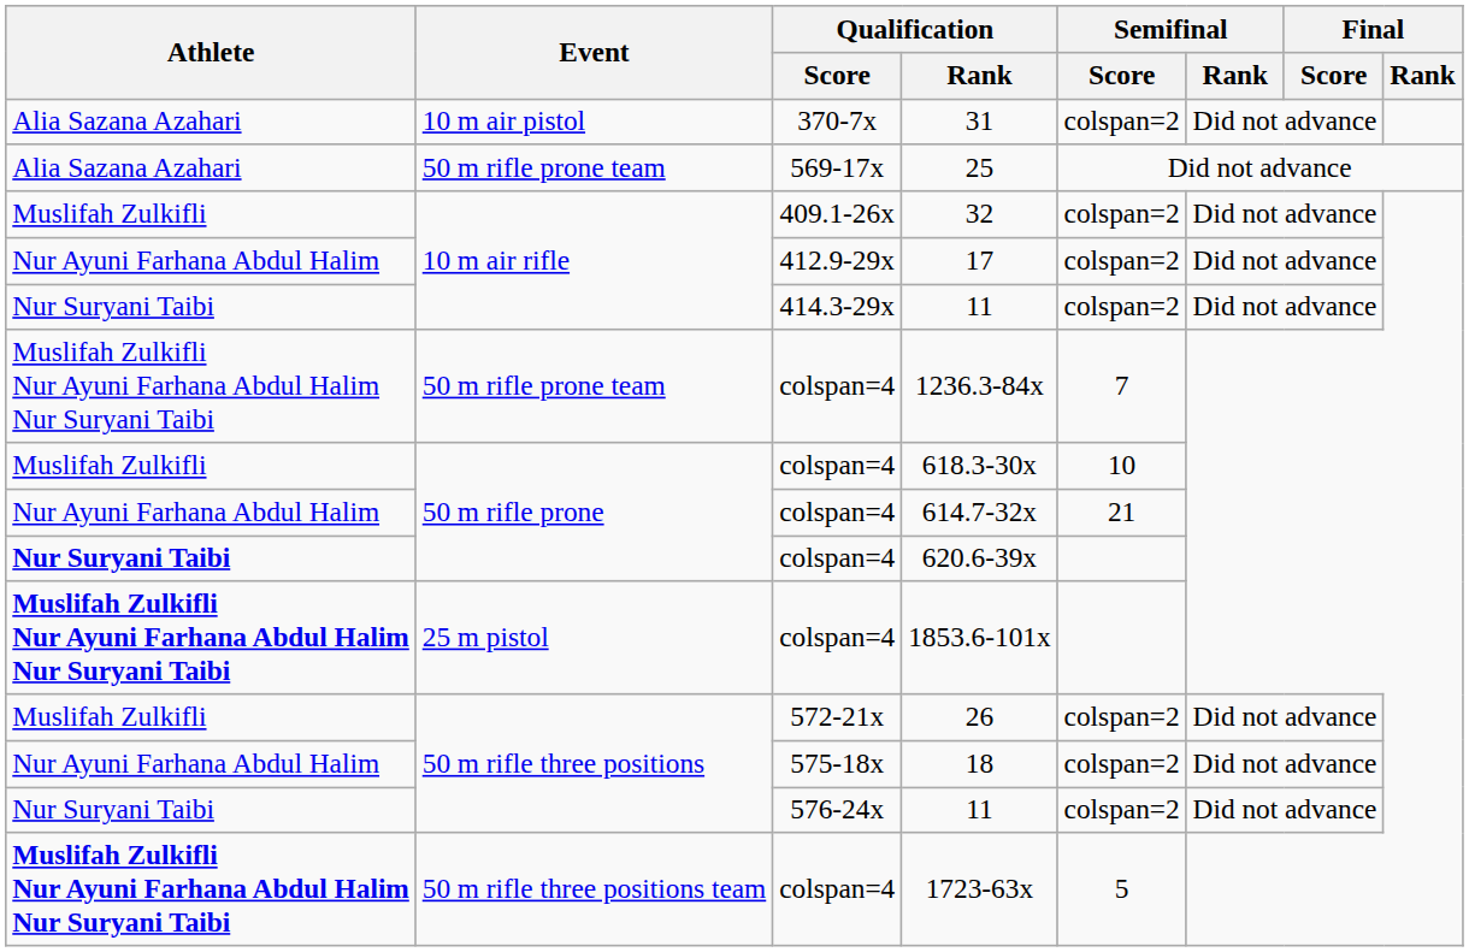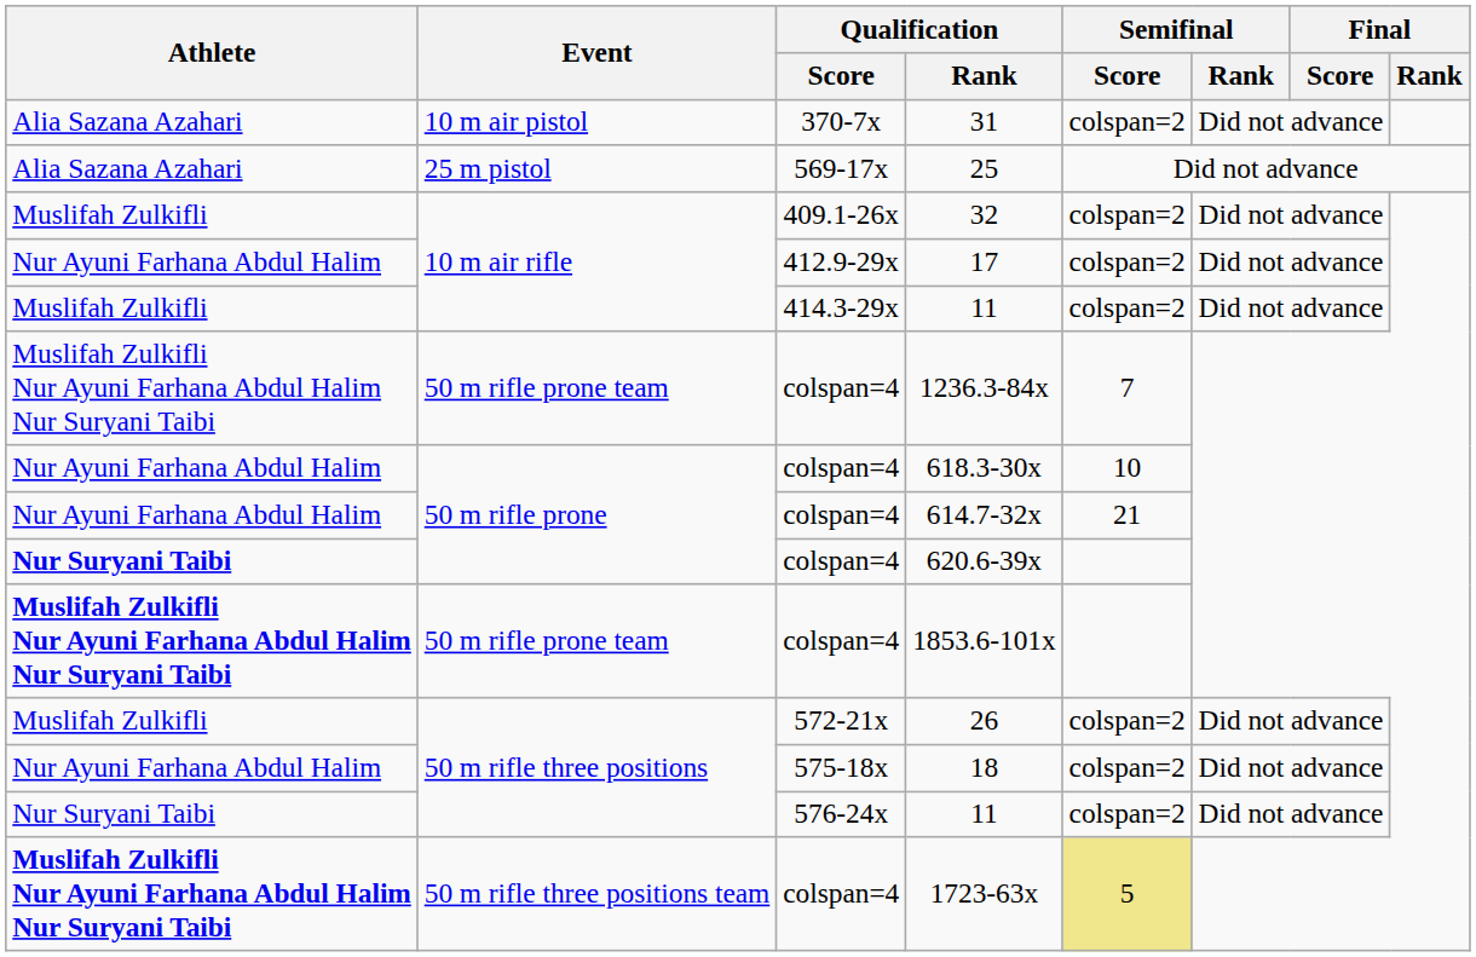 <table class=wikitable style="text-align:center; font-size:90%">
 <tr>
 <th rowspan=2>Athlete</th>
 <th rowspan=2>Event</th>
 <th colspan=2>Qualification</th>
 <th colspan=2>Semifinal</th>
 <th colspan=2>Final</th>
 </tr>
 <tr>
 <th>Score</th>
 <th>Rank</th>
 <th>Score</th>
 <th>Rank</th>
 <th>Score</th>
 <th>Rank</th>
 </tr>
 <tr>
 <td align=left><a href='#'>Alia Sazana Azahari</a></td>
 <td align=left><a href='#'>10 m air pistol</a></td>
 <td>370-7x</td>
 <td>31</td>
 <td>colspan=2 </td>
 <td colspan=2>Did not advance</td>
 </tr>
 <tr>
 <td align=left><a href='#'>Alia Sazana Azahari</a></td>
-<td align=left><a href='#'>50 m rifle prone team</a></td>
+<td align=left><a href='#'>25 m pistol</a></td>
 <td>569-17x</td>
 <td>25</td>
 <td colspan=4>Did not advance</td>
 </tr>
 <tr>
 <td align=left><a href='#'>Muslifah Zulkifli</a></td>
 <td align=left rowspan=3><a href='#'>10 m air rifle</a></td>
 <td>409.1-26x</td>
 <td>32</td>
 <td>colspan=2 </td>
 <td colspan=2>Did not advance</td>
 </tr>
 <tr>
 <td align=left><a href='#'>Nur Ayuni Farhana Abdul Halim</a></td>
 <td>412.9-29x</td>
 <td>17</td>
 <td>colspan=2 </td>
 <td colspan=2>Did not advance</td>
 </tr>
 <tr>
-<td align=left><a href='#'>Nur Suryani Taibi</a></td>
+<td align=left><a href='#'>Muslifah Zulkifli</a></td>
 <td>414.3-29x</td>
 <td>11</td>
 <td>colspan=2 </td>
 <td colspan=2>Did not advance</td>
 </tr>
 <tr>
 <td align=left><a href='#'>Muslifah Zulkifli</a><br><a href='#'>Nur Ayuni Farhana Abdul Halim</a><br><a href='#'>Nur Suryani Taibi</a></td>
 <td align=left><a href='#'>50 m rifle prone team</a></td>
 <td>colspan=4 </td>
 <td>1236.3-84x</td>
 <td>7</td>
 </tr>
 <tr>
-<td align=left><a href='#'>Muslifah Zulkifli</a></td>
+<td align=left><a href='#'>Nur Ayuni Farhana Abdul Halim</a></td>
 <td align=left rowspan=3><a href='#'>50 m rifle prone</a></td>
 <td>colspan=4 </td>
 <td>618.3-30x</td>
 <td>10</td>
 </tr>
 <tr>
 <td align=left><a href='#'>Nur Ayuni Farhana Abdul Halim</a></td>
 <td>colspan=4 </td>
 <td>614.7-32x</td>
 <td>21</td>
 </tr>
 <tr>
 <td align=left><strong><a href='#'>Nur Suryani Taibi</a></strong></td>
 <td>colspan=4 </td>
 <td>620.6-39x</td>
 <td></td>
 </tr>
 <tr>
 <td align=left><strong><a href='#'>Muslifah Zulkifli</a><br><a href='#'>Nur Ayuni Farhana Abdul Halim</a><br><a href='#'>Nur Suryani Taibi</a></strong></td>
-<td align=left><a href='#'>25 m pistol</a></td>
+<td align=left><a href='#'>50 m rifle prone team</a></td>
 <td>colspan=4 </td>
 <td>1853.6-101x</td>
 <td></td>
 </tr>
 <tr>
 <td align=left><a href='#'>Muslifah Zulkifli</a></td>
 <td align=left rowspan=3><a href='#'>50 m rifle three positions</a></td>
 <td>572-21x</td>
 <td>26</td>
 <td>colspan=2 </td>
 <td colspan=2>Did not advance</td>
 </tr>
 <tr>
 <td align=left><a href='#'>Nur Ayuni Farhana Abdul Halim</a></td>
 <td>575-18x</td>
 <td>18</td>
 <td>colspan=2 </td>
 <td colspan=2>Did not advance</td>
 </tr>
 <tr>
 <td align=left><a href='#'>Nur Suryani Taibi</a></td>
 <td>576-24x</td>
 <td>11</td>
 <td>colspan=2 </td>
 <td colspan=2>Did not advance</td>
 </tr>
 <tr>
 <td align=left><strong><a href='#'>Muslifah Zulkifli</a><br><a href='#'>Nur Ayuni Farhana Abdul Halim</a><br><a href='#'>Nur Suryani Taibi</a></strong></td>
 <td align=left><a href='#'>50 m rifle three positions team</a></td>
 <td>colspan=4 </td>
 <td>1723-63x</td>
-<td>5</td>
+<td style="background: khaki;">5</td>
 </tr>
 </table>
